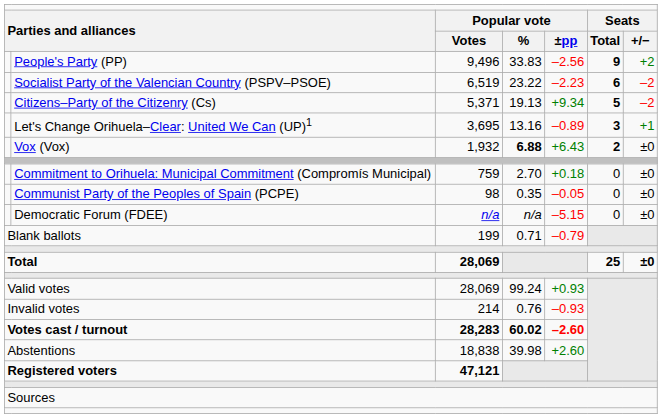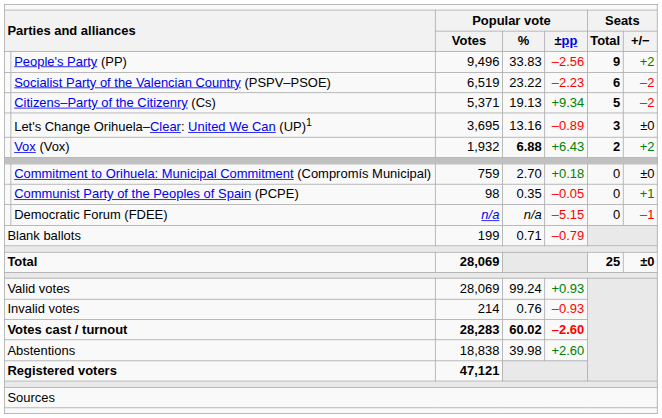 <table class="wikitable" style="text-align:right;">
 <tr>
 <td colspan="7"></td>
 </tr>
 <tr>
 <th style="text-align:left;" rowspan="2" colspan="2" width="525">Parties and alliances</th>
 <th colspan="3">Popular vote</th>
 <th colspan="2">Seats</th>
 </tr>
 <tr>
 <th width="75">Votes</th>
 <th width="45">%</th>
 <th width="45">±<a href='#'>pp</a></th>
 <th width="35">Total</th>
 <th width="35">+/−</th>
 </tr>
 <tr>
 <td width="1" style="color:inherit;background:"></td>
 <td align="left"><a href='#'>People's Party</a> (PP)</td>
 <td>9,496</td>
 <td>33.83</td>
 <td style="color:red;">–2.56</td>
 <td><strong>9</strong></td>
 <td style="color:green;">+2</td>
 </tr>
 <tr>
 <td style="color:inherit;background:"></td>
 <td align="left"><a href='#'>Socialist Party of the Valencian Country</a> (PSPV–PSOE)</td>
 <td>6,519</td>
 <td>23.22</td>
 <td style="color:red;">–2.23</td>
 <td><strong>6</strong></td>
 <td style="color:red;">–2</td>
 </tr>
 <tr>
 <td style="color:inherit;background:"></td>
 <td align="left"><a href='#'>Citizens–Party of the Citizenry</a> (Cs)</td>
 <td>5,371</td>
 <td>19.13</td>
 <td style="color:green;">+9.34</td>
 <td><strong>5</strong></td>
 <td style="color:red;">–2</td>
 </tr>
 <tr>
 <td style="color:inherit;background:"></td>
 <td align="left">Let's Change Orihuela–<a href='#'>Clear</a>: <a href='#'>United We Can</a> (UP)<sup>1</sup></td>
 <td>3,695</td>
 <td>13.16</td>
 <td style="color:red;">–0.89</td>
 <td><strong>3</strong></td>
-<td style="color:green;">+1</td>
+<td>±0</td>
 </tr>
 <tr>
 <td style="color:inherit;background:"></td>
 <td align="left"><a href='#'>Vox</a> (Vox)</td>
 <td>1,932</td>
 <td><strong>6.88</strong></td>
 <td style="color:green;">+6.43</td>
 <td><strong>2</strong></td>
-<td>±0</td>
+<td style="color:green;">+2</td>
 </tr>
 <tr>
 <td colspan="7" bgcolor="#C0C0C0"></td>
 </tr>
 <tr>
 <td style="color:inherit;background:"></td>
 <td align="left"><a href='#'>Commitment to Orihuela: Municipal Commitment</a> (Compromís Municipal)</td>
 <td>759</td>
 <td>2.70</td>
 <td style="color:green;">+0.18</td>
 <td>0</td>
 <td>±0</td>
 </tr>
 <tr>
 <td style="color:inherit;background:"></td>
 <td align="left"><a href='#'>Communist Party of the Peoples of Spain</a> (PCPE)</td>
 <td>98</td>
 <td>0.35</td>
 <td style="color:red;">–0.05</td>
 <td>0</td>
-<td>±0</td>
+<td style="color:green;">+1</td>
 </tr>
 <tr>
 <td style="color:inherit;background:"></td>
 <td align="left">Democratic Forum (FDEE)</td>
 <td><em><a href='#'>n/a</a></em></td>
 <td><em>n/a</em></td>
 <td style="color:red;">–5.15</td>
 <td>0</td>
-<td>±0</td>
+<td style="color:red;">–1</td>
 </tr>
 <tr>
 <td align="left" colspan="2">Blank ballots</td>
 <td>199</td>
 <td>0.71</td>
 <td style="color:red;">–0.79</td>
 <td bgcolor="#E9E9E9" colspan="2"></td>
 </tr>
 <tr>
 <td colspan="7" bgcolor="#E9E9E9"></td>
 </tr>
 <tr style="font-weight:bold;">
 <td align="left" colspan="2">Total</td>
 <td>28,069</td>
 <td bgcolor="#E9E9E9" colspan="2"></td>
 <td>25</td>
 <td>±0</td>
 </tr>
 <tr>
 <td colspan="7" bgcolor="#E9E9E9"></td>
 </tr>
 <tr>
 <td align="left" colspan="2">Valid votes</td>
 <td>28,069</td>
 <td>99.24</td>
 <td style="color:green;">+0.93</td>
 <td bgcolor="#E9E9E9" colspan="2" rowspan="5"></td>
 </tr>
 <tr>
 <td align="left" colspan="2">Invalid votes</td>
 <td>214</td>
 <td>0.76</td>
 <td style="color:red;">–0.93</td>
 </tr>
 <tr style="font-weight:bold;">
 <td align="left" colspan="2">Votes cast / turnout</td>
 <td>28,283</td>
 <td>60.02</td>
 <td style="color:red;">–2.60</td>
 </tr>
 <tr>
 <td align="left" colspan="2">Abstentions</td>
 <td>18,838</td>
 <td>39.98</td>
 <td style="color:green;">+2.60</td>
 </tr>
 <tr style="font-weight:bold;">
 <td align="left" colspan="2">Registered voters</td>
 <td>47,121</td>
 <td bgcolor="#E9E9E9" colspan="2"></td>
 </tr>
 <tr>
 <td colspan="7" bgcolor="#E9E9E9"></td>
 </tr>
 <tr>
 <td align="left" colspan="7">Sources</td>
 </tr>
 <tr>
 <td colspan="7" style="text-align:left; max-width:790px;"></td>
 </tr>
 </table>
